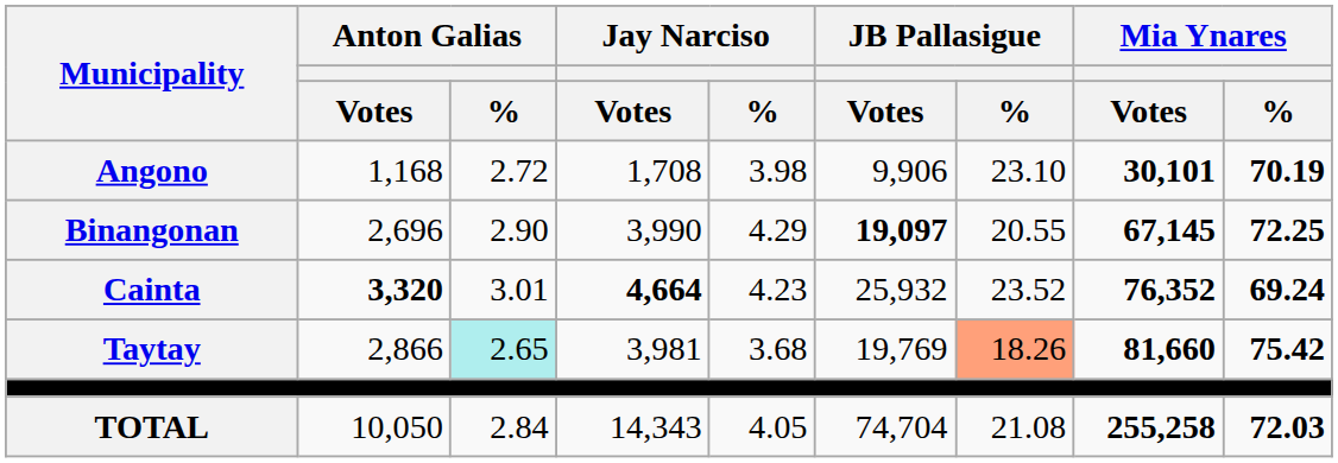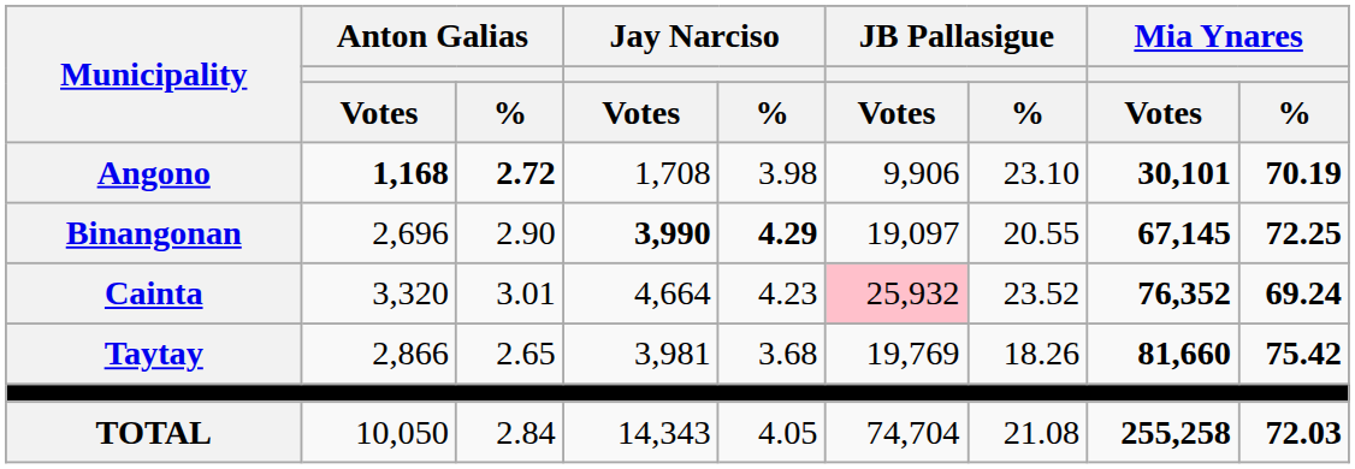 <table class="wikitable collapsible collapsed" style="text-align:right; font-size:95%; line-height:20px;">
 <tr>
 <th width="125" rowspan="3"><a href='#'>Municipality</a></th>
 <th width="110" colspan="2">Anton Galias</th>
 <th width="110" colspan="2">Jay Narciso</th>
 <th width="110" colspan="2">JB Pallasigue</th>
 <th width="110" colspan="2"><a href='#'>Mia Ynares</a></th>
 </tr>
 <tr>
 <th colspan="2" style="background:"></th>
 <th colspan="2" style="background:"></th>
 <th colspan="2" style="background:"></th>
 <th colspan="2" style="background:"></th>
 </tr>
 <tr>
 <th>Votes</th>
 <th>%</th>
 <th>Votes</th>
 <th>%</th>
 <th>Votes</th>
 <th>%</th>
 <th>Votes</th>
 <th>%</th>
 </tr>
 <tr>
 <th scope="row"><a href='#'>Angono</a></th>
-<td>1,168</td>
-<td>2.72</td>
+<td><strong>1,168</strong></td>
+<td><strong>2.72</strong></td>
 <td>1,708</td>
 <td>3.98</td>
 <td>9,906</td>
 <td>23.10</td>
 <td style="background:"><strong>30,101</strong></td>
 <td style="background:"><strong>70.19</strong></td>
 </tr>
 <tr>
 <th scope="row"><a href='#'>Binangonan</a></th>
 <td>2,696</td>
 <td>2.90</td>
-<td>3,990</td>
-<td>4.29</td>
-<td><strong>19,097</strong></td>
+<td><strong>3,990</strong></td>
+<td><strong>4.29</strong></td>
+<td>19,097</td>
 <td>20.55</td>
 <td style="background:"><strong>67,145</strong></td>
 <td style="background:"><strong>72.25</strong></td>
 </tr>
 <tr>
 <th scope="row"><a href='#'>Cainta</a></th>
-<td><strong>3,320</strong></td>
+<td>3,320</td>
 <td>3.01</td>
-<td><strong>4,664</strong></td>
+<td>4,664</td>
 <td>4.23</td>
-<td>25,932</td>
+<td style="background: pink;">25,932</td>
 <td>23.52</td>
 <td style="background:"><strong>76,352</strong></td>
 <td style="background:"><strong>69.24</strong></td>
 </tr>
 <tr>
 <th scope="row"><a href='#'>Taytay</a></th>
 <td>2,866</td>
-<td style="background: paleturquoise;">2.65</td>
+<td>2.65</td>
 <td>3,981</td>
 <td>3.68</td>
 <td>19,769</td>
-<td style="background: lightsalmon;">18.26</td>
+<td>18.26</td>
 <td style="background:"><strong>81,660</strong></td>
 <td style="background:"><strong>75.42</strong></td>
 </tr>
 <tr>
 <td colspan=9 bgcolor=black></td>
 </tr>
 <tr>
 <th scope="row">TOTAL</th>
 <td>10,050</td>
 <td>2.84</td>
 <td>14,343</td>
 <td>4.05</td>
 <td>74,704</td>
 <td>21.08</td>
 <td style="background:"><strong>255,258</strong></td>
 <td style="background:"><strong>72.03</strong></td>
 </tr>
 </table>
